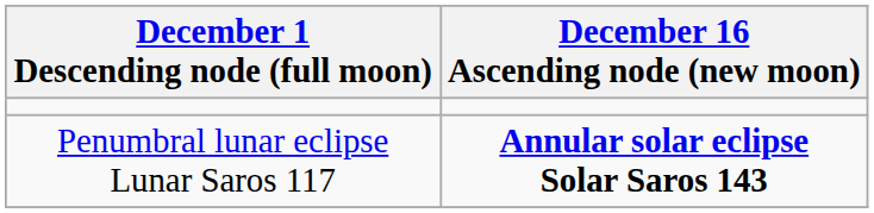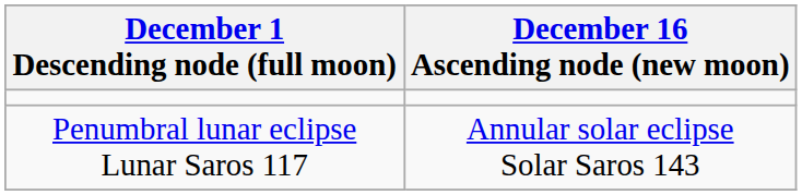 <table class="wikitable">
 <tr>
 <th><a href='#'>December 1</a><br>Descending node (full moon)<br></th>
 <th><a href='#'>December 16</a><br>Ascending node (new moon)<br></th>
 </tr>
 <tr>
 <td></td>
 <td></td>
 </tr>
 <tr align=center>
 <td><a href='#'>Penumbral lunar eclipse</a><br>Lunar Saros 117</td>
-<td><strong><a href='#'>Annular solar eclipse</a><br>Solar Saros 143</strong></td>
+<td><a href='#'>Annular solar eclipse</a><br>Solar Saros 143</td>
 </tr>
 </table>
